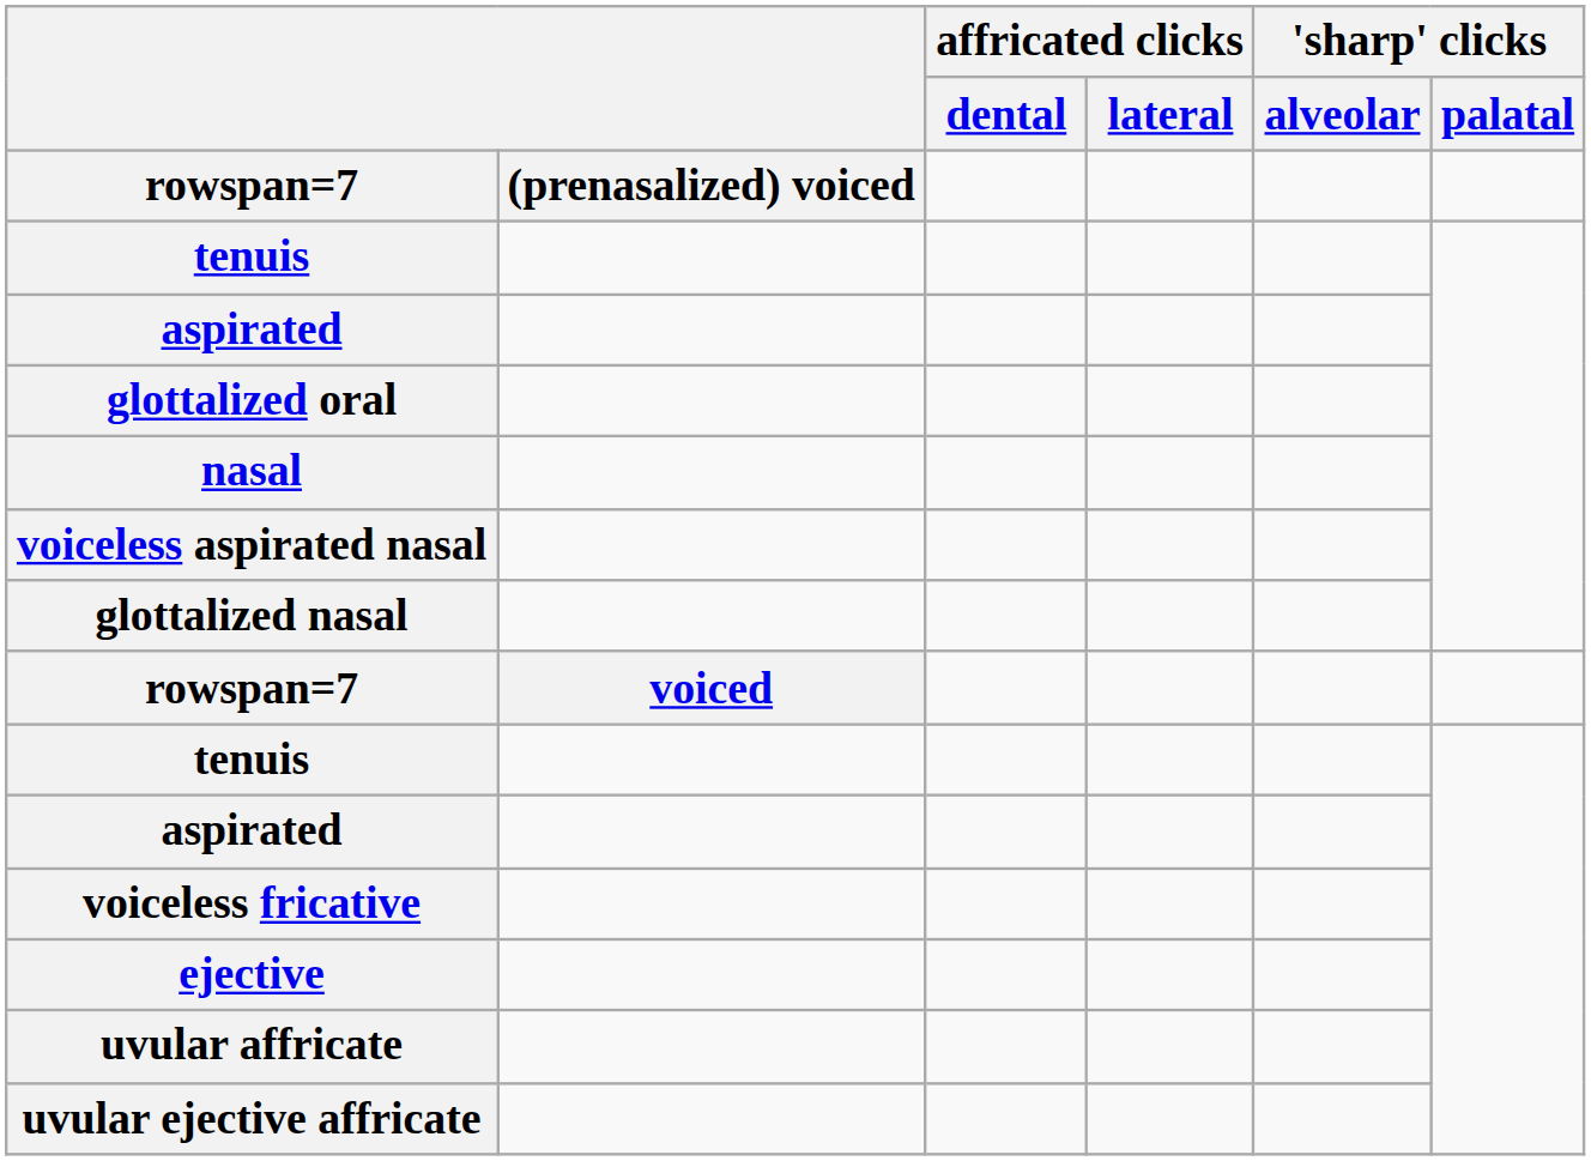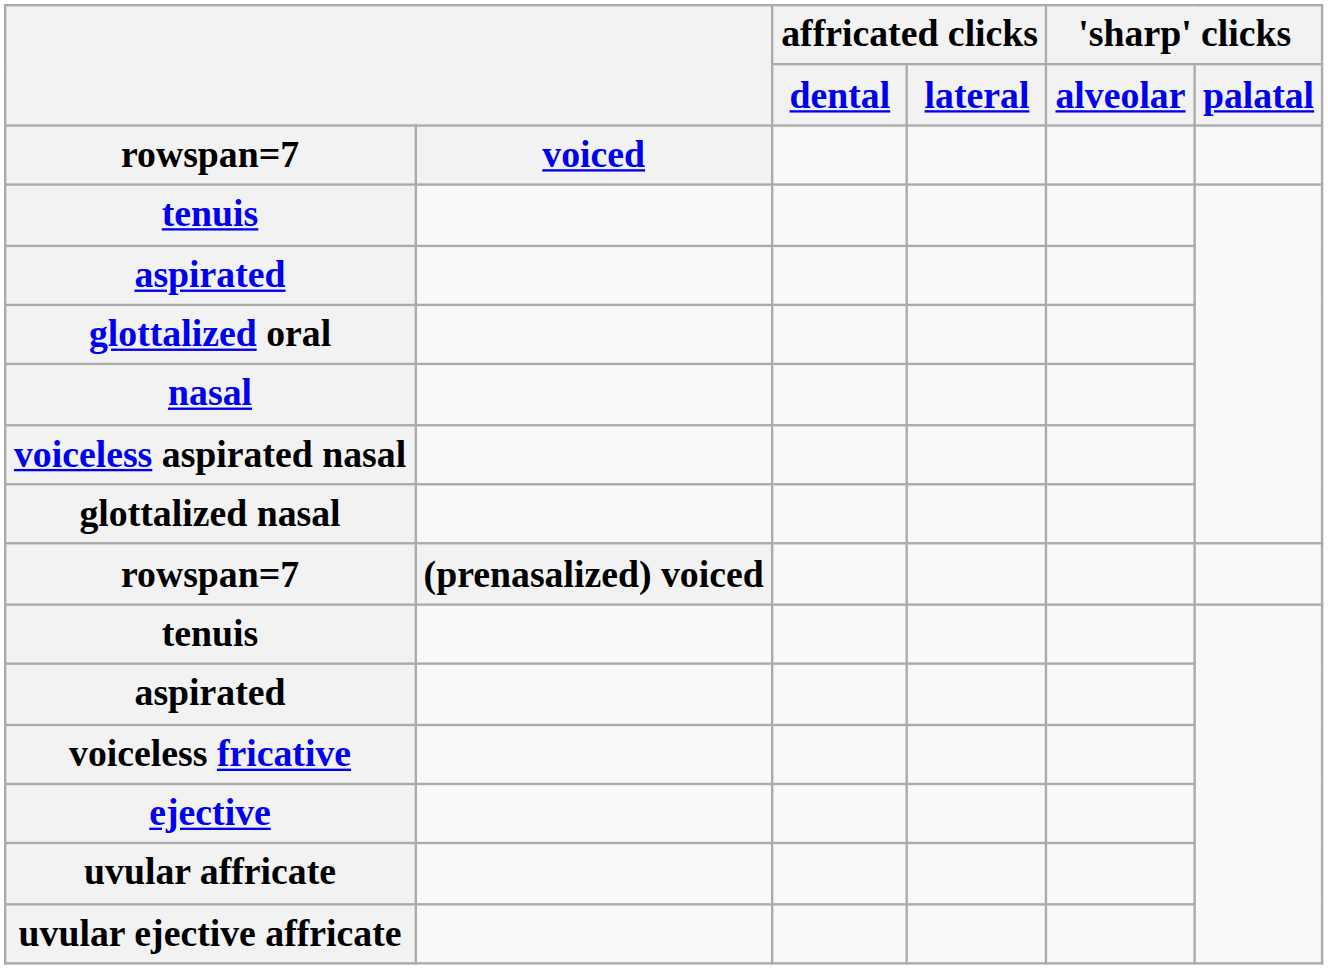 <table class="wikitable">
 <tr>
 <th rowspan=2 colspan=2></th>
 <th colspan=2>affricated clicks</th>
 <th colspan=2>'sharp' clicks</th>
 </tr>
 <tr>
 <th><a href='#'>dental</a></th>
 <th><a href='#'>lateral</a></th>
 <th><a href='#'>alveolar</a></th>
 <th><a href='#'>palatal</a></th>
 </tr>
 <tr>
 <th>rowspan=7 </th>
-<th>(prenasalized) voiced</th>
+<th><a href='#'>voiced</a></th>
 <td></td>
 <td></td>
 <td></td>
 <td></td>
 </tr>
 <tr>
 <th><a href='#'>tenuis</a></th>
 <td></td>
 <td></td>
 <td></td>
 <td></td>
 </tr>
 <tr>
 <th><a href='#'>aspirated</a></th>
 <td></td>
 <td></td>
 <td></td>
 <td></td>
 </tr>
 <tr>
 <th><a href='#'>glottalized</a> oral</th>
 <td></td>
 <td></td>
 <td></td>
 <td></td>
 </tr>
 <tr>
 <th><a href='#'>nasal</a></th>
 <td></td>
 <td></td>
 <td></td>
 <td></td>
 </tr>
 <tr>
 <th><a href='#'>voiceless</a> aspirated nasal</th>
 <td></td>
 <td></td>
 <td></td>
 <td></td>
 </tr>
 <tr>
 <th>glottalized nasal</th>
 <td></td>
 <td></td>
 <td></td>
 <td></td>
 </tr>
 <tr>
 <th>rowspan=7 </th>
-<th><a href='#'>voiced</a></th>
+<th>(prenasalized) voiced</th>
 <td></td>
 <td></td>
 <td></td>
 <td></td>
 </tr>
 <tr>
 <th>tenuis</th>
 <td></td>
 <td></td>
 <td></td>
 <td></td>
 </tr>
 <tr>
 <th>aspirated</th>
 <td></td>
 <td></td>
 <td></td>
 <td></td>
 </tr>
 <tr>
 <th>voiceless <a href='#'>fricative</a></th>
 <td></td>
 <td></td>
 <td></td>
 <td></td>
 </tr>
 <tr>
 <th><a href='#'>ejective</a></th>
 <td></td>
 <td></td>
 <td></td>
 <td></td>
 </tr>
 <tr>
 <th>uvular affricate</th>
 <td></td>
 <td></td>
 <td></td>
 <td></td>
 </tr>
 <tr>
 <th>uvular ejective affricate</th>
 <td></td>
 <td></td>
 <td></td>
 <td></td>
 </tr>
 </table>
